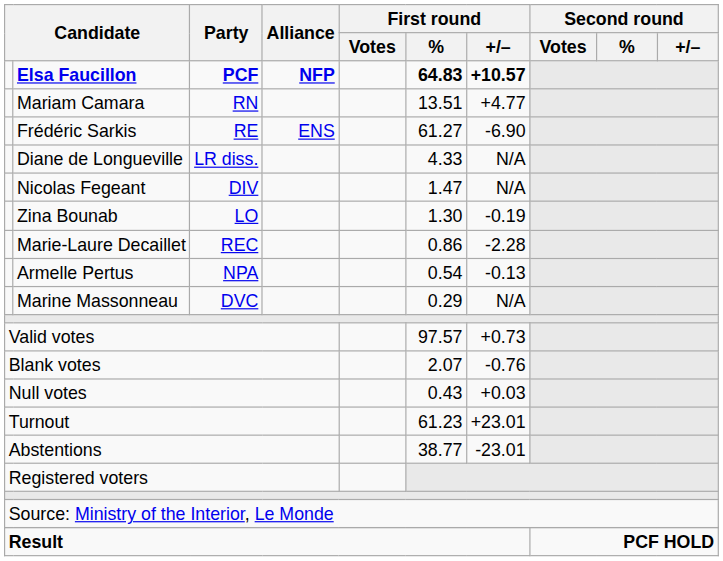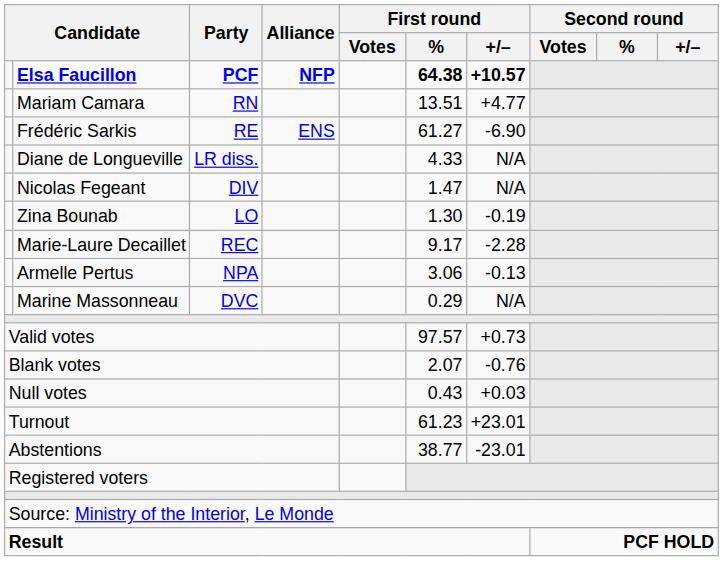 <table class="wikitable" style="text-align:right;font-size:95%;">
 <tr>
 <th rowspan="2" colspan="2">Candidate</th>
 <th rowspan="2">Party</th>
 <th rowspan="2">Alliance</th>
 <th colspan="3">First round</th>
 <th colspan="3">Second round</th>
 </tr>
 <tr>
 <th style="width:50px;">Votes</th>
 <th style="width:45px;">%</th>
 <th style="width:45px;">+/–</th>
 <th style="width:50px;">Votes</th>
 <th style="width:45px;">%</th>
 <th style="width:45px;">+/–</th>
 </tr>
 <tr>
 <td style="color:inherit;background:"></td>
 <td style="text-align:left;"><strong><a href='#'>Elsa Faucillon</a></strong></td>
 <td><a href='#'><strong>PCF</strong></a></td>
 <td><a href='#'><strong>NFP</strong></a></td>
 <td><strong></strong></td>
-<td><strong>64.83</strong></td>
+<td><strong>64.38</strong></td>
 <td><strong>+10.57</strong></td>
 <td colspan="3" style="background:#E9E9E9;"></td>
 </tr>
 <tr>
 <td style="color:inherit;background:"></td>
 <td style="text-align:left;">Mariam Camara</td>
 <td><a href='#'>RN</a></td>
 <td></td>
 <td></td>
 <td>13.51</td>
 <td>+4.77</td>
 <td colspan="3" style="background:#E9E9E9;"></td>
 </tr>
 <tr>
 <td style="color:inherit;background:"></td>
 <td style="text-align:left;">Frédéric Sarkis</td>
 <td><a href='#'>RE</a></td>
 <td><a href='#'>ENS</a></td>
 <td></td>
 <td>61.27</td>
 <td>-6.90</td>
 <td colspan="3" style="background:#E9E9E9;"></td>
 </tr>
 <tr>
 <td style="color:inherit;background:"></td>
 <td style="text-align:left;">Diane de Longueville</td>
 <td><a href='#'>LR diss.</a></td>
 <td></td>
 <td></td>
 <td>4.33</td>
 <td>N/A</td>
 <td colspan="3" style="background:#E9E9E9;"></td>
 </tr>
 <tr>
 <td style="color:inherit;background:"></td>
 <td style="text-align:left;">Nicolas Fegeant</td>
 <td><a href='#'>DIV</a></td>
 <td></td>
 <td></td>
 <td>1.47</td>
 <td>N/A</td>
 <td colspan="3" style="background:#E9E9E9;"></td>
 </tr>
 <tr>
 <td style="color:inherit;background:"></td>
 <td style="text-align:left;">Zina Bounab</td>
 <td><a href='#'>LO</a></td>
 <td></td>
 <td></td>
 <td>1.30</td>
 <td>-0.19</td>
 <td colspan="3" style="background:#E9E9E9;"></td>
 </tr>
 <tr>
 <td style="color:inherit;background:"></td>
 <td style="text-align:left;">Marie-Laure Decaillet</td>
 <td><a href='#'>REC</a></td>
 <td></td>
 <td></td>
-<td>0.86</td>
+<td>9.17</td>
 <td>-2.28</td>
 <td colspan="3" style="background:#E9E9E9;"></td>
 </tr>
 <tr>
 <td style="color:inherit;background:"></td>
 <td style="text-align:left;">Armelle Pertus</td>
 <td><a href='#'>NPA</a></td>
 <td></td>
 <td></td>
-<td>0.54</td>
+<td>3.06</td>
 <td>-0.13</td>
 <td colspan="3" style="background:#E9E9E9;"></td>
 </tr>
 <tr>
 <td style="color:inherit;background:"></td>
 <td style="text-align:left;">Marine Massonneau</td>
 <td><a href='#'>DVC</a></td>
 <td></td>
 <td></td>
 <td>0.29</td>
 <td>N/A</td>
 <td colspan="3" style="background:#E9E9E9;"></td>
 </tr>
 <tr>
 <td colspan="10" style="background:#E9E9E9;"></td>
 </tr>
 <tr>
 <td colspan="4" style="text-align:left;">Valid votes</td>
 <td></td>
 <td>97.57</td>
 <td>+0.73</td>
 <td colspan="3" style="background:#E9E9E9;"></td>
 </tr>
 <tr>
 <td colspan="4" style="text-align:left;">Blank votes</td>
 <td></td>
 <td>2.07</td>
 <td>-0.76</td>
 <td colspan="3" style="background:#E9E9E9;"></td>
 </tr>
 <tr>
 <td colspan="4" style="text-align:left;">Null votes</td>
 <td></td>
 <td>0.43</td>
 <td>+0.03</td>
 <td colspan="3" style="background:#E9E9E9;"></td>
 </tr>
 <tr>
 <td colspan="4" style="text-align:left;">Turnout</td>
 <td></td>
 <td>61.23</td>
 <td>+23.01</td>
 <td colspan="3" style="background:#E9E9E9;"></td>
 </tr>
 <tr>
 <td colspan="4" style="text-align:left;">Abstentions</td>
 <td></td>
 <td>38.77</td>
 <td>-23.01</td>
 <td colspan="3" style="background:#E9E9E9;"></td>
 </tr>
 <tr>
 <td colspan="4" style="text-align:left;">Registered voters</td>
 <td></td>
 <td colspan="5" style="background:#E9E9E9;"></td>
 </tr>
 <tr>
 <td colspan="10" style="background:#E9E9E9;"></td>
 </tr>
 <tr>
 <td colspan="10" style="text-align:left;">Source: <a href='#'>Ministry of the Interior</a>, <a href='#'>Le Monde</a></td>
 </tr>
 <tr>
 </tr>
 <tr style="font-weight:bold">
 <td colspan="7" style="text-align:left;">Result</td>
 <td colspan="7" style="background-color:">PCF HOLD</td>
 </tr>
 </table>
